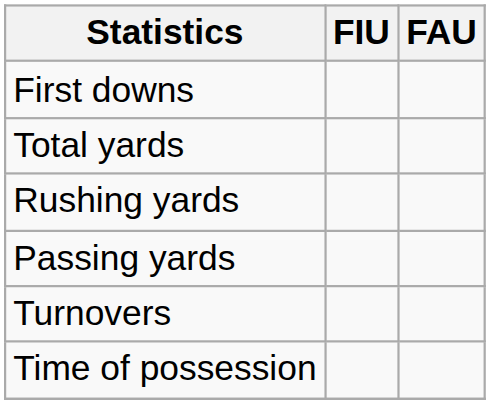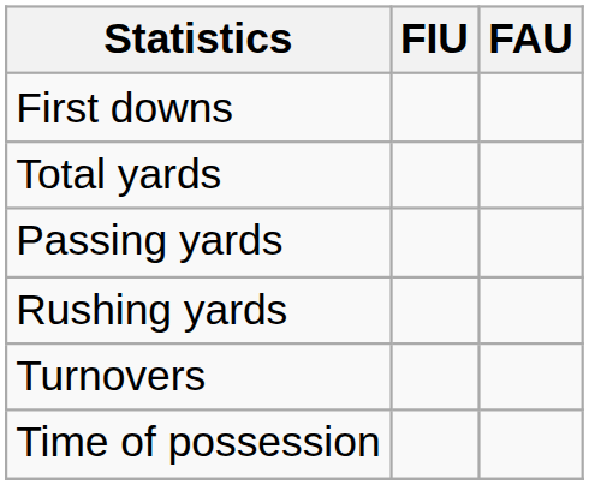 <table class="wikitable" style="float: left;">
 <tr>
 <th>Statistics</th>
 <th>FIU</th>
 <th>FAU</th>
 </tr>
 <tr>
 <td>First downs</td>
 <td></td>
 <td></td>
 </tr>
 <tr>
 <td>Total yards</td>
 <td></td>
 <td></td>
 </tr>
 <tr>
-<td>Rushing yards</td>
+<td>Passing yards</td>
 <td></td>
 <td></td>
 </tr>
 <tr>
-<td>Passing yards</td>
+<td>Rushing yards</td>
 <td></td>
 <td></td>
 </tr>
 <tr>
 <td>Turnovers</td>
 <td></td>
 <td></td>
 </tr>
 <tr>
 <td>Time of possession</td>
 <td></td>
 <td></td>
 </tr>
 <tr>
 </tr>
 </table>
